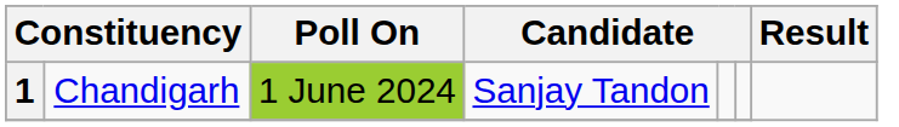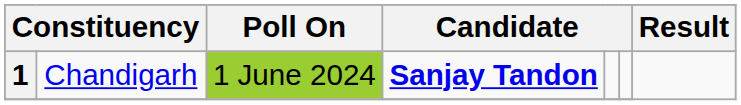 <table class="wikitable " style="text-align:center;">
 <tr>
 <th colspan="2">Constituency</th>
 <th>Poll On</th>
 <th colspan="3">Candidate</th>
 <th>Result</th>
 </tr>
 <tr>
 <th>1</th>
 <td><a href='#'>Chandigarh</a></td>
 <td bgcolor=#9ACD32>1 June 2024</td>
-<td><a href='#'>Sanjay Tandon</a></td>
+<td><strong><a href='#'>Sanjay Tandon</a></strong></td>
 <td></td>
 <td></td>
 </tr>
 <tr>
 </tr>
 </table>
